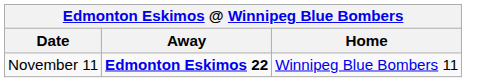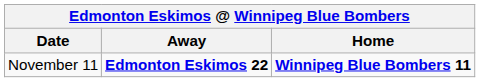 <table class="wikitable">
 <tr>
 <th colspan=4><a href='#'>Edmonton Eskimos</a> @ <a href='#'>Winnipeg Blue Bombers</a></th>
 </tr>
 <tr>
 <th>Date</th>
 <th>Away</th>
 <th>Home</th>
 </tr>
 <tr>
 <td>November 11</td>
 <td><strong><a href='#'>Edmonton Eskimos</a> 22</strong></td>
-<td><a href='#'>Winnipeg Blue Bombers</a> 11</td>
+<td><strong><a href='#'>Winnipeg Blue Bombers</a> 11</strong></td>
 </tr>
 </table>
